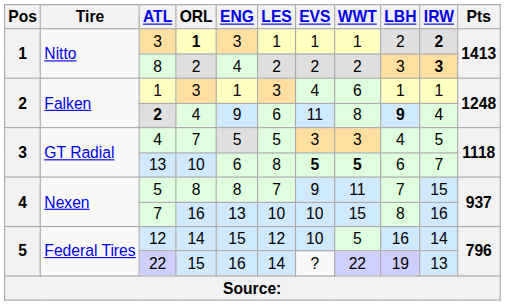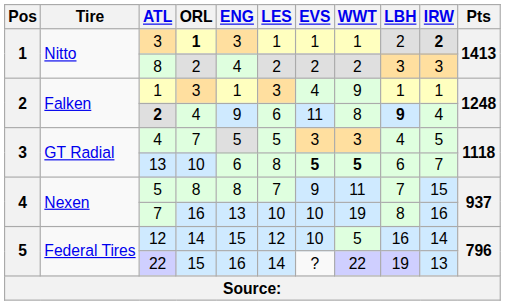 <table class="wikitable" style="font-size:85%;text-align:center">
 <tr>
 <th>Pos</th>
 <th>Tire</th>
 <th><a href='#'>ATL</a></th>
 <th>ORL</th>
 <th><a href='#'>ENG</a></th>
 <th><a href='#'>LES</a></th>
 <th><a href='#'>EVS</a></th>
 <th><a href='#'>WWT</a></th>
 <th><a href='#'>LBH</a></th>
 <th><a href='#'>IRW</a></th>
 <th>Pts</th>
 </tr>
 <tr>
 <th rowspan=2>1</th>
 <td rowspan=2 align=left><a href='#'>Nitto</a></td>
 <td style="background:#ffdf9f;">3</td>
 <td style="background:#ffffbf;"><strong>1</strong></td>
 <td style="background:#ffdf9f;">3</td>
 <td style="background:#ffffbf;">1</td>
 <td style="background:#ffffbf;">1</td>
 <td style="background:#ffffbf;">1</td>
 <td style="background:#dfdfdf;">2</td>
 <td style="background:#dfdfdf;"><strong>2</strong></td>
 <th rowspan=2>1413</th>
 </tr>
 <tr>
 <td style="background:#dfffdf;">8</td>
 <td style="background:#dfdfdf;">2</td>
 <td style="background:#dfffdf;">4</td>
 <td style="background:#dfdfdf;">2</td>
 <td style="background:#dfdfdf;">2</td>
 <td style="background:#dfdfdf;">2</td>
 <td style="background:#ffdf9f;">3</td>
-<td style="background:#ffdf9f;"><strong>3</strong></td>
+<td style="background:#ffdf9f;">3</td>
 </tr>
 <tr>
 <th rowspan=2>2</th>
 <td rowspan=2 align=left><a href='#'>Falken</a></td>
 <td style="background:#ffffbf;">1</td>
 <td style="background:#ffdf9f;">3</td>
 <td style="background:#ffffbf;">1</td>
 <td style="background:#ffdf9f;">3</td>
 <td style="background:#dfffdf;">4</td>
-<td style="background:#dfffdf;">6</td>
+<td style="background:#dfffdf;">9</td>
 <td style="background:#ffffbf;">1</td>
 <td style="background:#ffffbf;">1</td>
 <th rowspan=2>1248</th>
 </tr>
 <tr>
 <td style="background:#dfdfdf;"><strong>2</strong></td>
 <td style="background:#dfffdf;">4</td>
 <td style="background:#cfeaff;">9</td>
 <td style="background:#dfffdf;">6</td>
 <td style="background:#cfeaff;">11</td>
 <td style="background:#dfffdf;">8</td>
 <td style="background:#cfeaff;"><strong>9</strong></td>
 <td style="background:#dfffdf;">4</td>
 </tr>
 <tr>
 <th rowspan=2>3</th>
 <td rowspan=2 align=left><a href='#'>GT Radial</a></td>
 <td style="background:#dfffdf;">4</td>
 <td style="background:#dfffdf;">7</td>
 <td style="background:#dfdfdf;">5</td>
 <td style="background:#dfffdf;">5</td>
 <td style="background:#ffdf9f;">3</td>
 <td style="background:#ffdf9f;">3</td>
 <td style="background:#dfffdf;">4</td>
 <td style="background:#dfffdf;">5</td>
 <th rowspan=2>1118</th>
 </tr>
 <tr>
 <td style="background:#cfeaff;">13</td>
 <td style="background:#cfeaff;">10</td>
 <td style="background:#dfffdf;">6</td>
 <td style="background:#dfffdf;">8</td>
 <td style="background:#dfffdf;"><strong>5</strong></td>
 <td style="background:#dfffdf;"><strong>5</strong></td>
 <td style="background:#dfffdf;">6</td>
 <td style="background:#dfffdf;">7</td>
 </tr>
 <tr>
 <th rowspan=2>4</th>
 <td rowspan=2 align=left><a href='#'>Nexen</a></td>
 <td style="background:#dfffdf;">5</td>
 <td style="background:#dfffdf;">8</td>
 <td style="background:#dfffdf;">8</td>
 <td style="background:#dfffdf;">7</td>
 <td style="background:#cfeaff;">9</td>
 <td style="background:#cfeaff;">11</td>
 <td style="background:#dfffdf;">7</td>
 <td style="background:#cfeaff;">15</td>
 <th rowspan=2>937</th>
 </tr>
 <tr>
 <td style="background:#dfffdf;">7</td>
 <td style="background:#cfeaff;">16</td>
 <td style="background:#cfeaff;">13</td>
 <td style="background:#cfeaff;">10</td>
 <td style="background:#cfeaff;">10</td>
-<td style="background:#cfeaff;">15</td>
+<td style="background:#cfeaff;">19</td>
 <td style="background:#dfffdf;">8</td>
 <td style="background:#cfeaff;">16</td>
 </tr>
 <tr>
 <th rowspan=2>5</th>
 <td rowspan=2 align=left><a href='#'>Federal Tires</a></td>
 <td style="background:#cfeaff;">12</td>
 <td style="background:#cfeaff;">14</td>
 <td style="background:#cfeaff;">15</td>
 <td style="background:#cfeaff;">12</td>
 <td style="background:#cfeaff;">10</td>
 <td style="background:#dfffdf;">5</td>
 <td style="background:#cfeaff;">16</td>
 <td style="background:#cfeaff;">14</td>
 <th rowspan=2>796</th>
 </tr>
 <tr>
 <td style="background:#cfcfff;">22</td>
 <td style="background:#cfeaff;">15</td>
 <td style="background:#cfeaff;">16</td>
 <td style="background:#cfeaff;">14</td>
 <td>?</td>
 <td style="background:#cfcfff;">22</td>
 <td style="background:#cfcfff;">19</td>
 <td style="background:#cfeaff;">13</td>
 </tr>
 <tr>
 <th colspan=11>Source:</th>
 </tr>
 </table>
